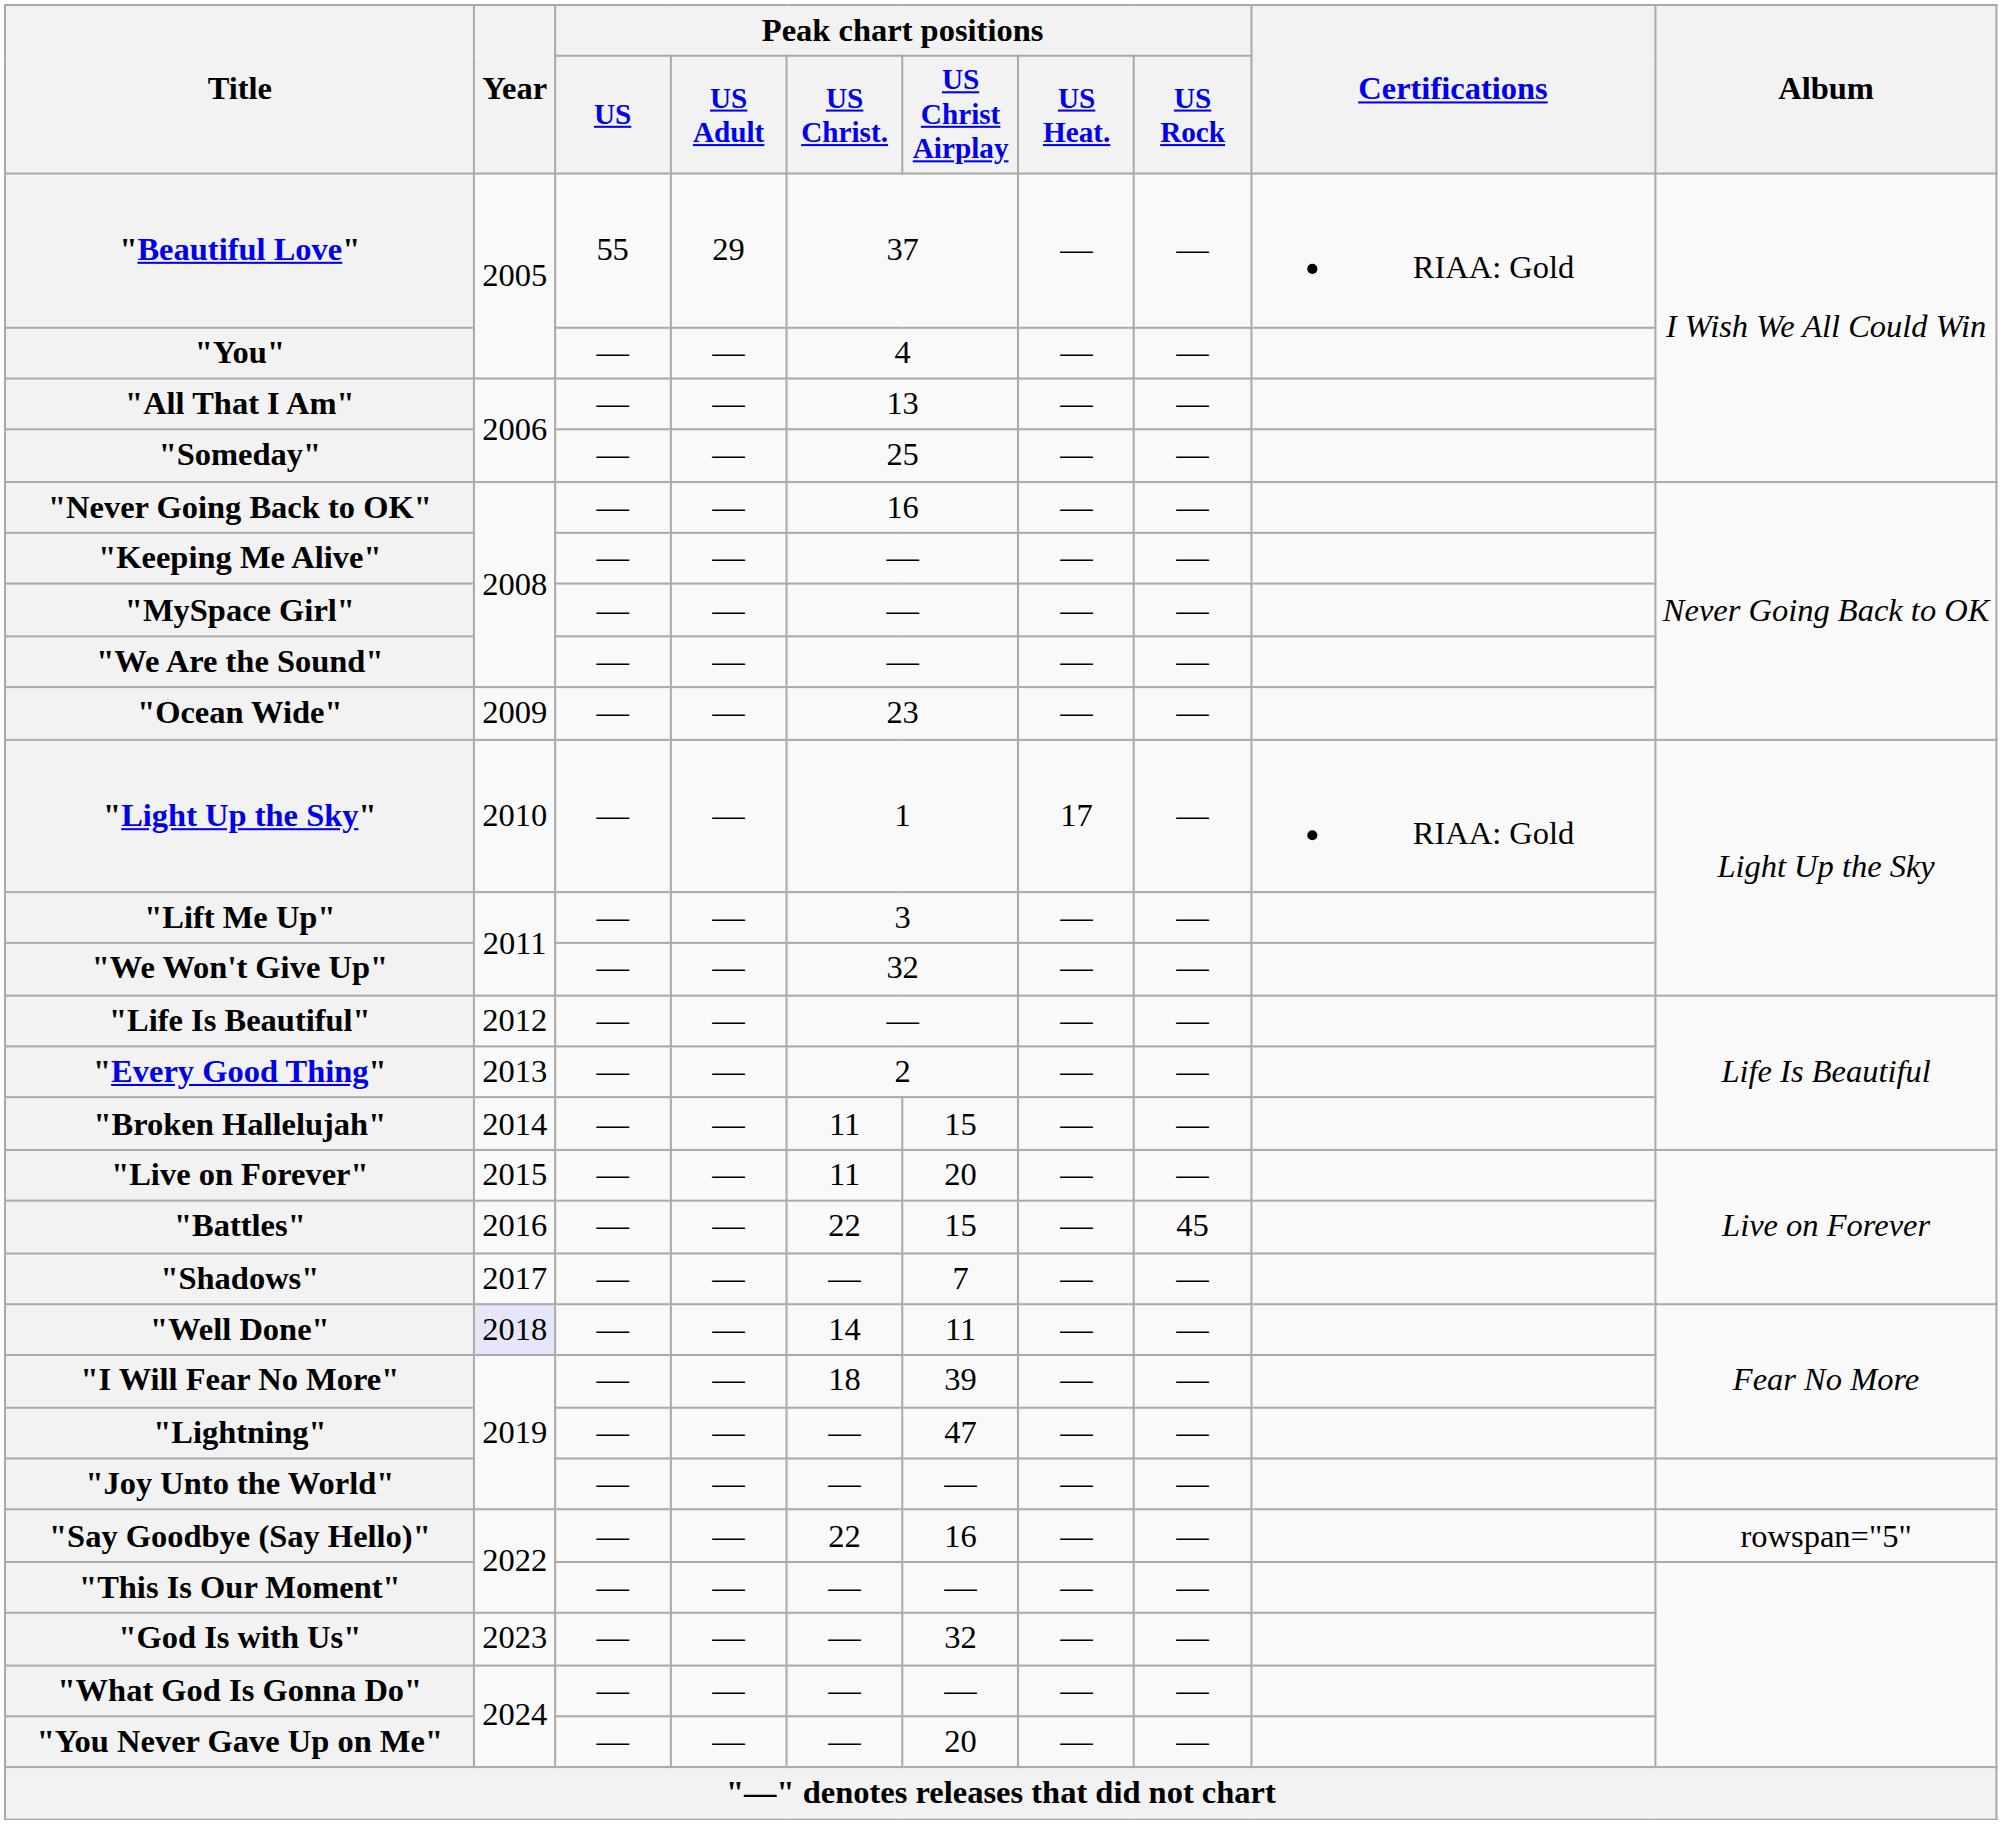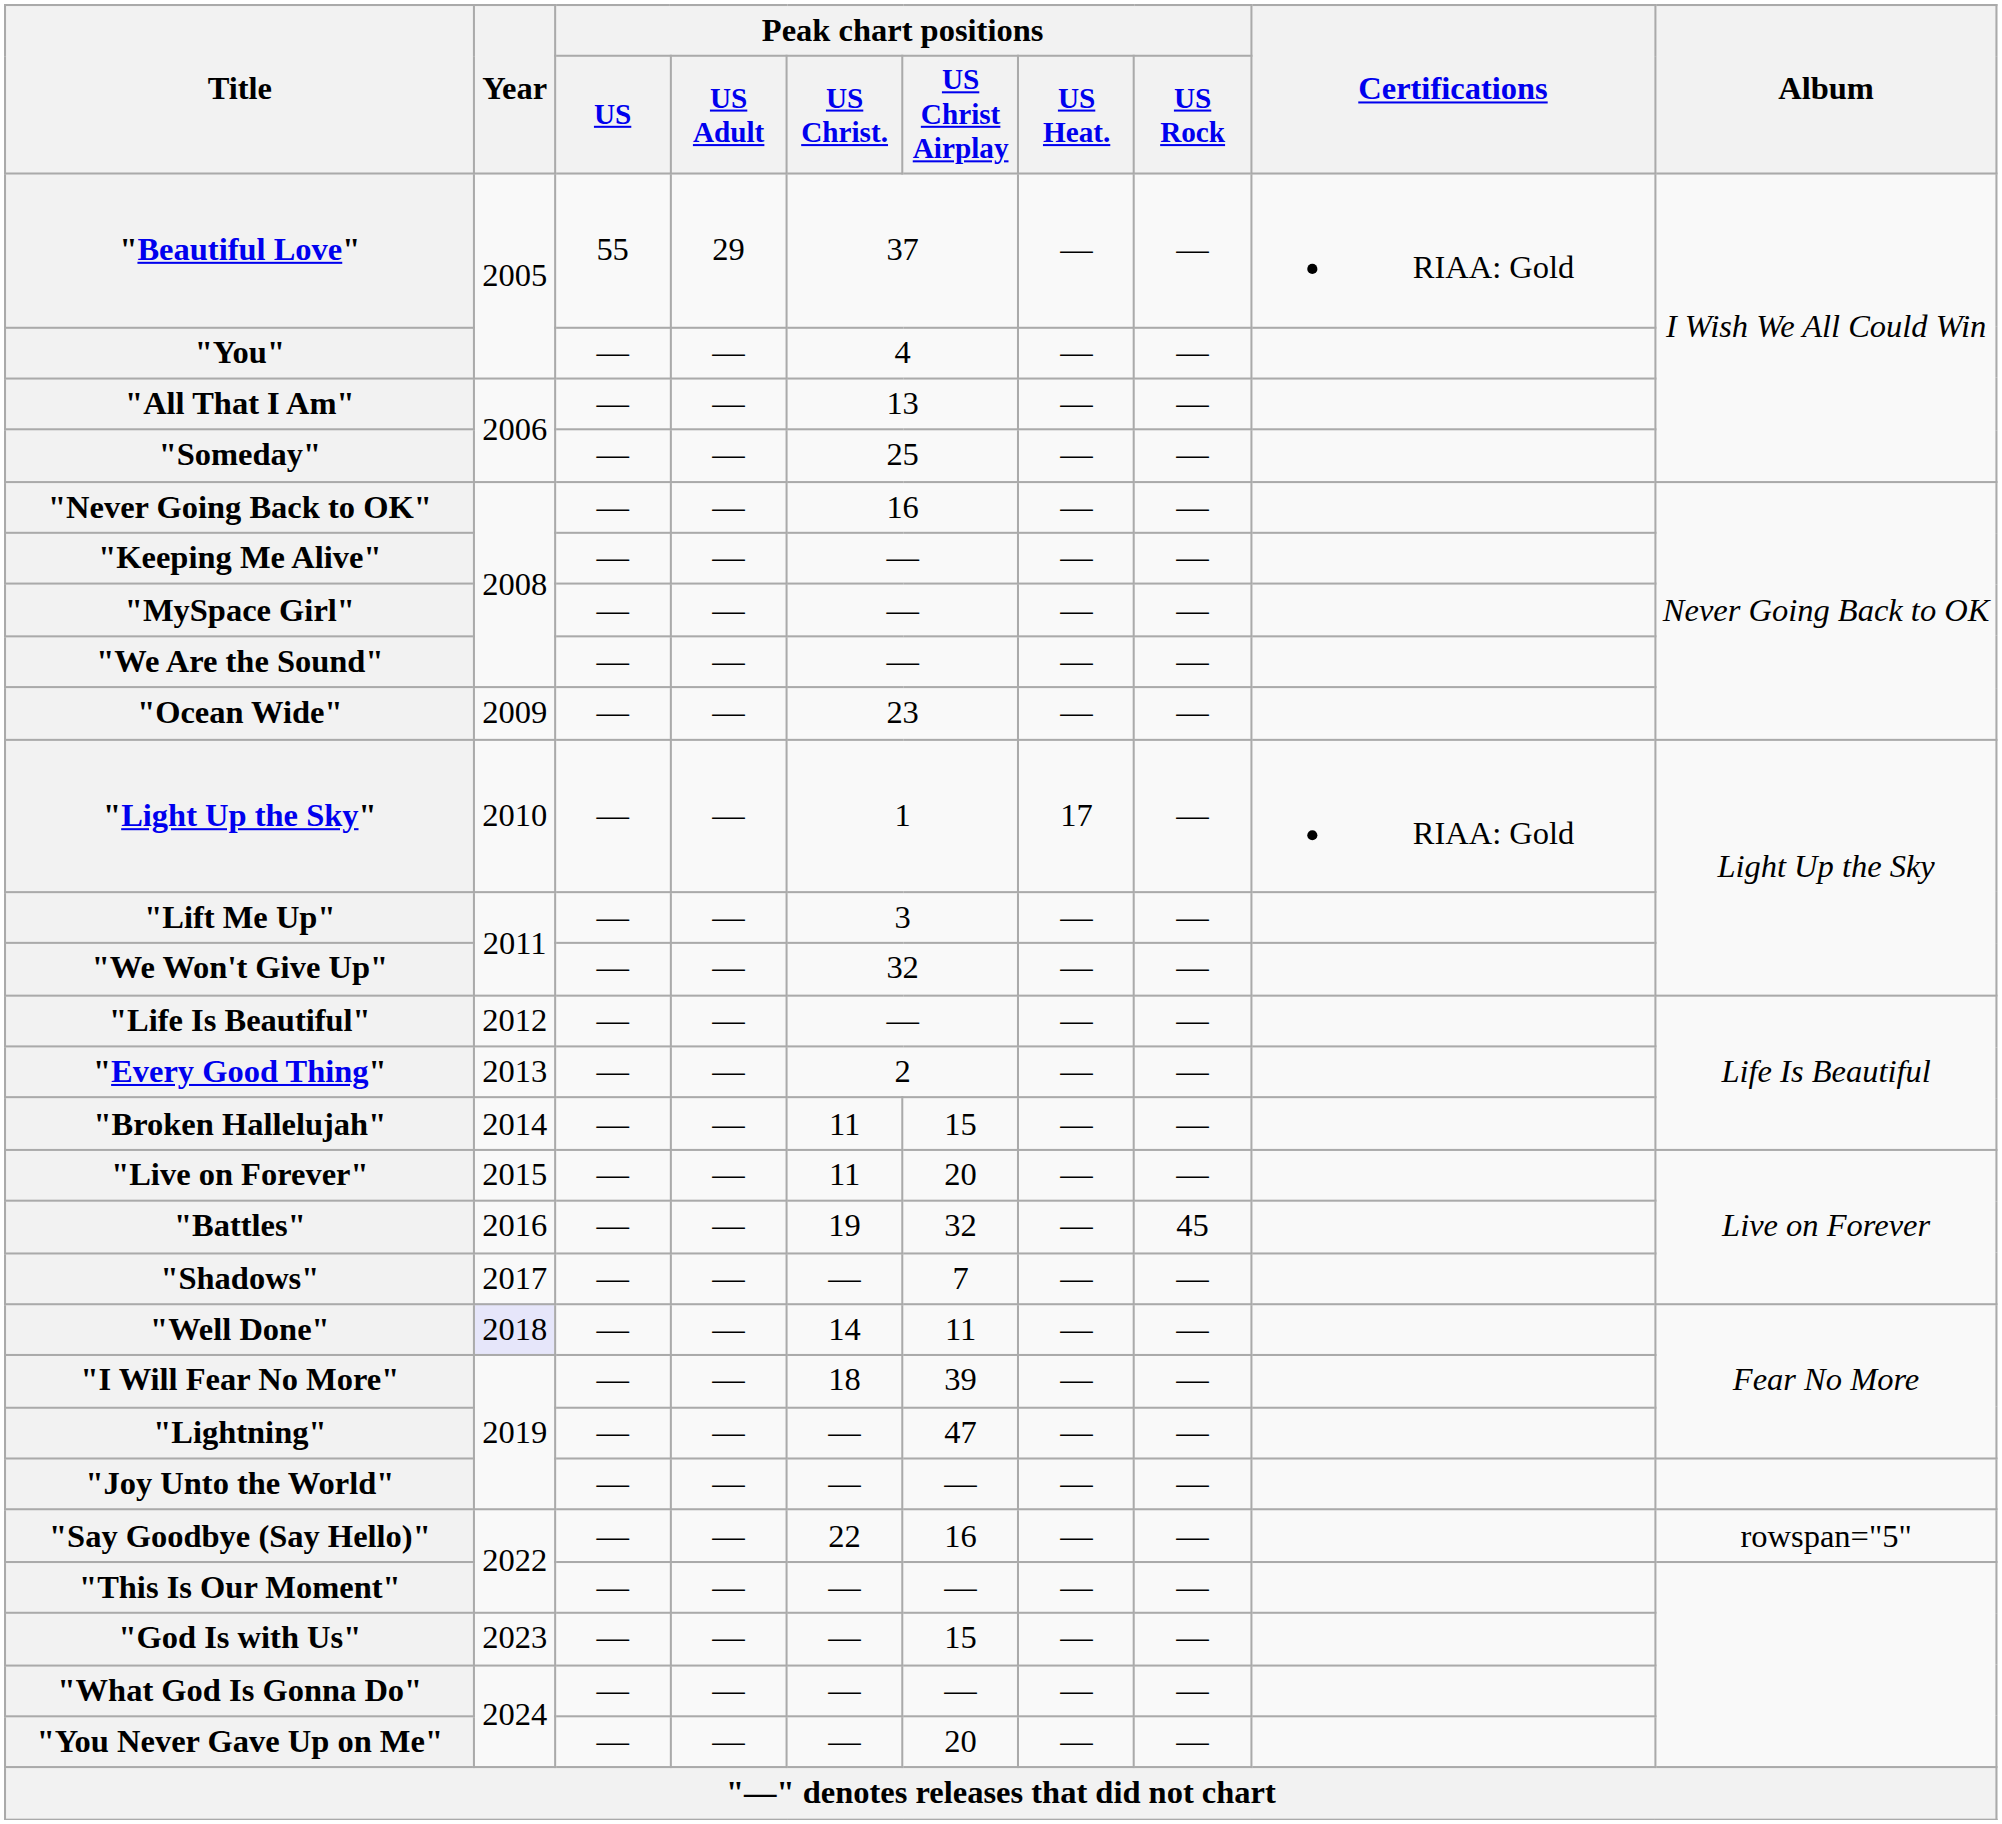 <table class="wikitable plainrowheaders" style="text-align:center;">
 <tr>
 <th scope="col" rowspan="2" style="width:14em;">Title</th>
 <th scope="col" rowspan="2">Year</th>
 <th scope="col" colspan="6">Peak chart positions</th>
 <th scope="col" rowspan="2" style="width:12em;"><a href='#'>Certifications</a></th>
 <th scope="col" rowspan="2">Album</th>
 </tr>
 <tr>
 <th scope="col" style="width:3.5em;font-size:90%;"><a href='#'>US</a><br></th>
 <th scope="col" style="width:3.5em;font-size:90%;"><a href='#'>US Adult</a><br></th>
 <th scope="col" style="width:3.5em;font-size:90%;"><a href='#'>US<br>Christ.</a><br></th>
 <th scope="col" style="width:3.5em;font-size:90%;"><a href='#'>US<br>Christ Airplay</a><br></th>
 <th scope="col" style="width:3.5em;font-size:90%;"><a href='#'>US<br>Heat.</a><br></th>
 <th scope="col" style="width:3.5em;font-size:90%;"><a href='#'>US<br>Rock</a></th>
 </tr>
 <tr>
 <th scope="row">"<a href='#'>Beautiful Love</a>"</th>
 <td rowspan="2">2005</td>
 <td>55</td>
 <td>29</td>
 <td colspan="2">37</td>
 <td>—</td>
 <td>—</td>
 <td><br><ul><li>RIAA: Gold</li></ul></td>
 <td rowspan="4"><em>I Wish We All Could Win</em></td>
 </tr>
 <tr>
 <th scope="row">"You"</th>
 <td>—</td>
 <td>—</td>
 <td colspan="2">4</td>
 <td>—</td>
 <td>—</td>
 <td></td>
 </tr>
 <tr>
 <th scope="row">"All That I Am"</th>
 <td rowspan="2">2006</td>
 <td>—</td>
 <td>—</td>
 <td colspan="2">13</td>
 <td>—</td>
 <td>—</td>
 <td></td>
 </tr>
 <tr>
 <th scope="row">"Someday"</th>
 <td>—</td>
 <td>—</td>
 <td colspan="2">25</td>
 <td>—</td>
 <td>—</td>
 <td></td>
 </tr>
 <tr>
 <th scope="row">"Never Going Back to OK"</th>
 <td rowspan="4">2008</td>
 <td>—</td>
 <td>—</td>
 <td colspan="2">16</td>
 <td>—</td>
 <td>—</td>
 <td></td>
 <td rowspan="5"><em>Never Going Back to OK</em></td>
 </tr>
 <tr>
 <th scope="row">"Keeping Me Alive"</th>
 <td>—</td>
 <td>—</td>
 <td colspan="2">—</td>
 <td>—</td>
 <td>—</td>
 <td></td>
 </tr>
 <tr>
 <th scope="row">"MySpace Girl"</th>
 <td>—</td>
 <td>—</td>
 <td colspan="2">—</td>
 <td>—</td>
 <td>—</td>
 <td></td>
 </tr>
 <tr>
 <th scope="row">"We Are the Sound"</th>
 <td>—</td>
 <td>—</td>
 <td colspan="2">—</td>
 <td>—</td>
 <td>—</td>
 <td></td>
 </tr>
 <tr>
 <th scope="row">"Ocean Wide"</th>
 <td>2009</td>
 <td>—</td>
 <td>—</td>
 <td colspan="2">23</td>
 <td>—</td>
 <td>—</td>
 <td></td>
 </tr>
 <tr>
 <th scope="row">"<a href='#'>Light Up the Sky</a>"</th>
 <td>2010</td>
 <td>—</td>
 <td>—</td>
 <td colspan="2">1</td>
 <td>17</td>
 <td>—</td>
 <td><br><ul><li>RIAA: Gold</li></ul></td>
 <td rowspan="3"><em>Light Up the Sky</em></td>
 </tr>
 <tr>
 <th scope="row">"Lift Me Up"</th>
 <td rowspan="2">2011</td>
 <td>—</td>
 <td>—</td>
 <td colspan="2">3</td>
 <td>—</td>
 <td>—</td>
 <td></td>
 </tr>
 <tr>
 <th scope="row">"We Won't Give Up"</th>
 <td>—</td>
 <td>—</td>
 <td colspan="2">32</td>
 <td>—</td>
 <td>—</td>
 <td></td>
 </tr>
 <tr>
 <th scope="row">"Life Is Beautiful"</th>
 <td>2012</td>
 <td>—</td>
 <td>—</td>
 <td colspan="2">—</td>
 <td>—</td>
 <td>—</td>
 <td></td>
 <td rowspan="3"><em>Life Is Beautiful</em></td>
 </tr>
 <tr>
 <th scope="row">"<a href='#'>Every Good Thing</a>"</th>
 <td>2013</td>
 <td>—</td>
 <td>—</td>
 <td colspan="2">2</td>
 <td>—</td>
 <td>—</td>
 <td></td>
 </tr>
 <tr>
 <th scope="row">"Broken Hallelujah"</th>
 <td>2014</td>
 <td>—</td>
 <td>—</td>
 <td>11</td>
 <td>15</td>
 <td>—</td>
 <td>—</td>
 <td></td>
 </tr>
 <tr>
 <th scope="row">"Live on Forever"</th>
 <td>2015</td>
 <td>—</td>
 <td>—</td>
 <td>11</td>
 <td>20<br></td>
 <td>—</td>
 <td>—</td>
 <td></td>
 <td rowspan="3"><em>Live on Forever</em></td>
 </tr>
 <tr>
 <th scope="row">"Battles"</th>
 <td>2016</td>
 <td>—</td>
 <td>—</td>
-<td>22</td>
-<td>15</td>
+<td>19</td>
+<td>32</td>
 <td>—</td>
 <td>45</td>
 <td></td>
 </tr>
 <tr>
 <th scope="row">"Shadows"</th>
 <td>2017</td>
 <td>—</td>
 <td>—</td>
 <td>—</td>
 <td>7</td>
 <td>—</td>
 <td>—</td>
 <td></td>
 </tr>
 <tr>
 <th scope="row">"Well Done"</th>
 <td style="background: lavender;">2018</td>
 <td>—</td>
 <td>—</td>
 <td>14</td>
 <td>11</td>
 <td>—</td>
 <td>—</td>
 <td></td>
 <td rowspan="3"><em>Fear No More</em></td>
 </tr>
 <tr>
 <th scope="row">"I Will Fear No More"</th>
 <td rowspan="3">2019</td>
 <td>—</td>
 <td>—</td>
 <td>18</td>
 <td>39</td>
 <td>—</td>
 <td>—</td>
 <td></td>
 </tr>
 <tr>
 <th scope="row">"Lightning"</th>
 <td>—</td>
 <td>—</td>
 <td>—</td>
 <td>47</td>
 <td>—</td>
 <td>—</td>
 <td></td>
 </tr>
 <tr>
 <th scope="row">"Joy Unto the World"</th>
 <td>—</td>
 <td>—</td>
 <td>—</td>
 <td>—</td>
 <td>—</td>
 <td>—</td>
 <td></td>
 <td></td>
 </tr>
 <tr>
 <th scope="row">"Say Goodbye (Say Hello)"</th>
 <td rowspan="2">2022</td>
 <td>—</td>
 <td>—</td>
 <td>22</td>
 <td>16</td>
 <td>—</td>
 <td>—</td>
 <td></td>
 <td>rowspan="5" </td>
 </tr>
 <tr>
 <th scope="row">"This Is Our Moment"</th>
 <td>—</td>
 <td>—</td>
 <td>—</td>
 <td>—</td>
 <td>—</td>
 <td>—</td>
 <td></td>
 </tr>
 <tr>
 <th scope="row">"God Is with Us"</th>
 <td>2023</td>
 <td>—</td>
 <td>—</td>
 <td>—</td>
-<td>32</td>
+<td>15</td>
 <td>—</td>
 <td>—</td>
 <td></td>
 </tr>
 <tr>
 <th scope="row">"What God Is Gonna Do"</th>
 <td rowspan="2">2024</td>
 <td>—</td>
 <td>—</td>
 <td>—</td>
 <td>—</td>
 <td>—</td>
 <td>—</td>
 <td></td>
 </tr>
 <tr>
 <th scope="row">"You Never Gave Up on Me"</th>
 <td>—</td>
 <td>—</td>
 <td>—</td>
 <td>20<br></td>
 <td>—</td>
 <td>—</td>
 <td></td>
 </tr>
 <tr>
 <th colspan="10">"—" denotes releases that did not chart</th>
 </tr>
 <tr>
 </tr>
 </table>
